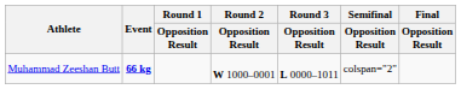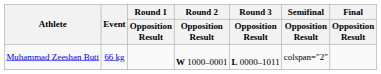 <table class=wikitable style="text-align:center; font-size:90%">
 <tr>
 <th rowspan=2>Athlete</th>
 <th rowspan=2>Event</th>
 <th>Round 1</th>
 <th>Round 2</th>
 <th>Round 3</th>
 <th>Semifinal</th>
 <th>Final</th>
 </tr>
 <tr>
 <th>Opposition<br>Result</th>
 <th>Opposition<br>Result</th>
 <th>Opposition<br>Result</th>
 <th>Opposition<br>Result</th>
 <th>Opposition<br>Result</th>
 </tr>
 <tr>
 <td><a href='#'>Muhammad Zeeshan Butt</a></td>
-<td><strong><a href='#'>66 kg</a></strong></td>
+<td><a href='#'>66 kg</a></td>
 <td></td>
 <td><br><strong>W</strong> 1000–0001</td>
 <td><br><strong>L</strong> 0000–1011</td>
 <td>colspan="2" </td>
 </tr>
 </table>
